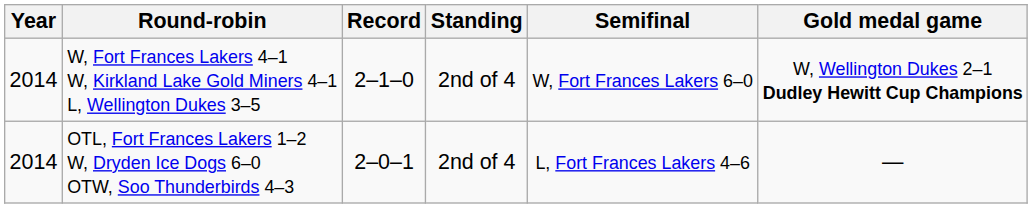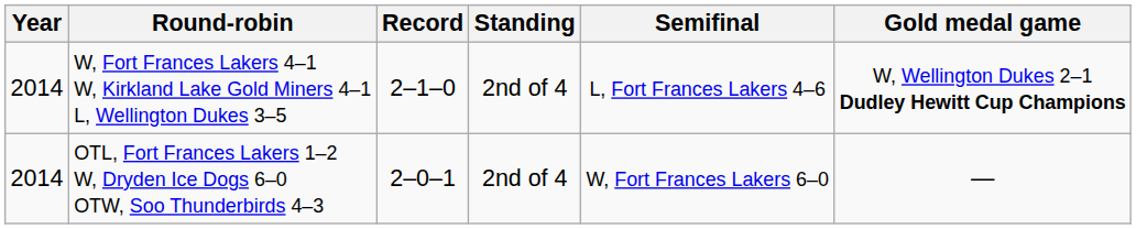 <table class="wikitable" style="text-align:center;">
 <tr>
 <th>Year</th>
 <th>Round-robin</th>
 <th>Record</th>
 <th>Standing</th>
 <th>Semifinal</th>
 <th>Gold medal game</th>
 </tr>
 <tr>
 <td>2014</td>
 <td align=left><small>W, <a href='#'>Fort Frances Lakers</a> 4–1<br>W, <a href='#'>Kirkland Lake Gold Miners</a> 4–1<br>L, <a href='#'>Wellington Dukes</a> 3–5</small></td>
 <td>2–1–0</td>
 <td>2nd of 4</td>
-<td><small>W, <a href='#'>Fort Frances Lakers</a> 6–0 </small></td>
+<td><small>L, <a href='#'>Fort Frances Lakers</a> 4–6</small></td>
 <td><small>W, <a href='#'>Wellington Dukes</a> 2–1<br><strong>Dudley Hewitt Cup Champions</strong></small></td>
 </tr>
 <tr>
 <td>2014</td>
 <td align=left><small>OTL, <a href='#'>Fort Frances Lakers</a> 1–2<br>W, <a href='#'>Dryden Ice Dogs</a> 6–0<br>OTW, <a href='#'>Soo Thunderbirds</a> 4–3</small></td>
 <td>2–0–1</td>
 <td>2nd of 4</td>
-<td><small>L, <a href='#'>Fort Frances Lakers</a> 4–6</small></td>
+<td><small>W, <a href='#'>Fort Frances Lakers</a> 6–0 </small></td>
 <td>—</td>
 </tr>
 </table>
